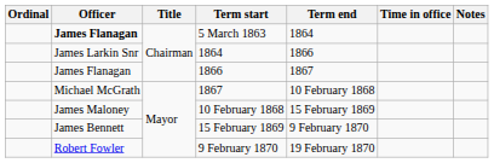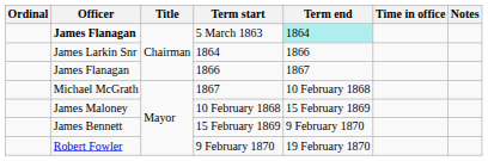 <table class="wikitable">
 <tr>
 <th>Ordinal</th>
 <th>Officer</th>
 <th>Title</th>
 <th>Term start</th>
 <th>Term end</th>
 <th>Time in office</th>
 <th>Notes</th>
 </tr>
 <tr>
 <td align=center></td>
 <td><strong>James Flanagan</strong></td>
 <td rowspan=3>Chairman</td>
 <td>5 March 1863</td>
-<td>1864</td>
+<td style="background: paleturquoise;">1864</td>
 <td></td>
 <td></td>
 </tr>
 <tr>
 <td align=center></td>
 <td>James Larkin Snr</td>
 <td>1864</td>
 <td>1866</td>
 <td></td>
 <td></td>
 </tr>
 <tr>
 <td align=center></td>
 <td>James Flanagan</td>
 <td>1866</td>
 <td>1867</td>
 <td></td>
 <td></td>
 </tr>
 <tr>
 <td align=center></td>
 <td>Michael McGrath</td>
 <td rowspan=4>Mayor</td>
 <td>1867</td>
 <td>10 February 1868</td>
 <td></td>
 <td></td>
 </tr>
 <tr>
 <td align=center></td>
 <td>James Maloney</td>
 <td>10 February 1868</td>
 <td>15 February 1869</td>
 <td></td>
 <td></td>
 </tr>
 <tr>
 <td align=center></td>
 <td>James Bennett</td>
 <td>15 February 1869</td>
 <td>9 February 1870</td>
 <td></td>
 <td></td>
 </tr>
 <tr>
 <td align=center></td>
 <td><a href='#'>Robert Fowler</a></td>
 <td>9 February 1870</td>
 <td>19 February 1870</td>
 <td></td>
 <td></td>
 </tr>
 </table>
